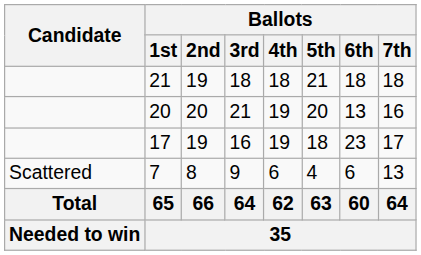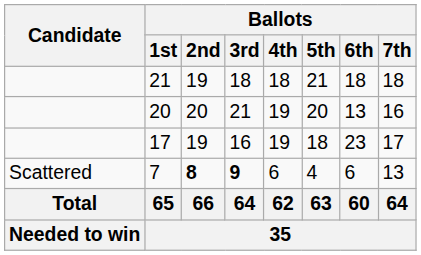 <table class="wikitable sortable">
 <tr>
 <th rowspan="2">Candidate</th>
 <th colspan="7">Ballots</th>
 </tr>
 <tr>
 <th>1st</th>
 <th>2nd</th>
 <th>3rd</th>
 <th>4th</th>
 <th>5th</th>
 <th>6th</th>
 <th>7th</th>
 </tr>
 <tr>
 <td></td>
 <td>21</td>
 <td>19</td>
 <td>18</td>
 <td>18</td>
 <td>21</td>
 <td>18</td>
 <td>18</td>
 </tr>
 <tr>
 <td></td>
 <td>20</td>
 <td>20</td>
 <td>21</td>
 <td>19</td>
 <td>20</td>
 <td>13</td>
 <td>16</td>
 </tr>
 <tr>
 <td></td>
 <td>17</td>
 <td>19</td>
 <td>16</td>
 <td>19</td>
 <td>18</td>
 <td>23</td>
 <td>17</td>
 </tr>
 <tr class="sortbottom static-row-header">
 <td>Scattered</td>
 <td>7</td>
-<td>8</td>
-<td>9</td>
+<td><strong>8</strong></td>
+<td><strong>9</strong></td>
 <td>6</td>
 <td>4</td>
 <td>6</td>
 <td>13</td>
 </tr>
 <tr>
 <th>Total</th>
 <th>65</th>
 <th>66</th>
 <th>64</th>
 <th>62</th>
 <th>63</th>
 <th>60</th>
 <th>64</th>
 </tr>
 <tr>
 <th>Needed to win</th>
 <th colspan="7">35</th>
 </tr>
 </table>
